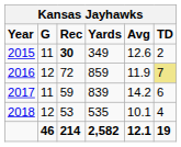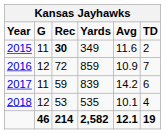 <table class="wikitable">
 <tr>
 <th colspan="15">Kansas Jayhawks</th>
 </tr>
 <tr>
 <td><strong>Year</strong></td>
 <td><strong>G</strong></td>
 <td><strong>Rec</strong></td>
 <td><strong>Yards</strong></td>
 <td><strong>Avg</strong></td>
 <td><strong>TD</strong></td>
 </tr>
 <tr>
 <td><a href='#'>2015</a></td>
 <td>11</td>
 <td><strong>30</strong></td>
 <td>349</td>
-<td>12.6</td>
+<td>11.6</td>
 <td>2</td>
 </tr>
 <tr>
 <td><a href='#'>2016</a></td>
 <td>12</td>
 <td>72</td>
 <td>859</td>
-<td>11.9</td>
-<td style="background: khaki;">7</td>
+<td>10.9</td>
+<td>7</td>
 </tr>
 <tr>
 <td><a href='#'>2017</a></td>
 <td>11</td>
 <td>59</td>
 <td>839</td>
 <td>14.2</td>
 <td>6</td>
 </tr>
 <tr>
 <td><a href='#'>2018</a></td>
 <td>12</td>
 <td>53</td>
 <td>535</td>
 <td>10.1</td>
 <td>4</td>
 </tr>
 <tr>
 <td style="font-weight:bold;"></td>
 <td style="font-weight:bold;">46</td>
 <td style="font-weight:bold;">214</td>
 <td style="font-weight:bold;">2,582</td>
 <td style="font-weight:bold;">12.1</td>
 <td style="font-weight:bold;">19</td>
 </tr>
 </table>
